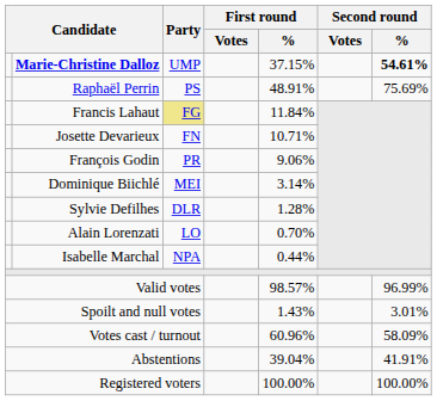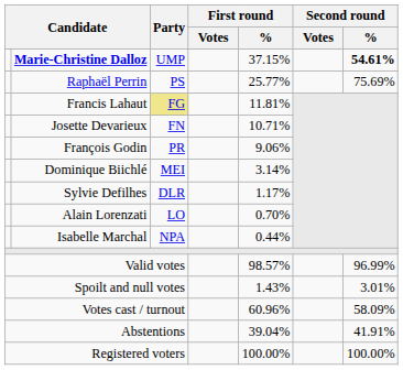 <table class="wikitable" style="text-align:right;font-size:95%;">
 <tr>
 <th rowspan=2 colspan=2>Candidate</th>
 <th rowspan=2 colspan=1>Party</th>
 <th colspan=2>First round</th>
 <th colspan=2>Second round</th>
 </tr>
 <tr>
 <th style="width:50px;">Votes</th>
 <th style="width:55px;">%</th>
 <th style="width:50px;">Votes</th>
 <th style="width:55px;">%</th>
 </tr>
 <tr>
 <td style="color:inherit;background-color:"></td>
 <td><strong><a href='#'>Marie-Christine Dalloz</a></strong></td>
 <td><a href='#'>UMP</a></td>
 <td></td>
 <td>37.15%</td>
 <td><strong></strong></td>
 <td><strong>54.61%</strong></td>
 </tr>
 <tr>
 <td style="color:inherit;background-color:"></td>
 <td><a href='#'>Raphaël Perrin</a></td>
 <td><a href='#'>PS</a></td>
 <td></td>
-<td>48.91%</td>
+<td>25.77%</td>
 <td></td>
 <td>75.69%</td>
 </tr>
 <tr>
 <td style="color:inherit;background-color:"></td>
 <td>Francis Lahaut</td>
 <td style="background: khaki;"><a href='#'>FG</a></td>
 <td></td>
-<td>11.84%</td>
+<td>11.81%</td>
 <td colspan=7 rowspan=7 style="background-color:#E9E9E9;"></td>
 </tr>
 <tr>
 <td style="color:inherit;background-color:"></td>
 <td>Josette Devarieux</td>
 <td><a href='#'>FN</a></td>
 <td></td>
 <td>10.71%</td>
 </tr>
 <tr>
 <td style="color:inherit;background-color:"></td>
 <td>François Godin</td>
 <td><a href='#'>PR</a></td>
 <td></td>
 <td>9.06%</td>
 </tr>
 <tr>
 <td style="color:inherit;background-color:"></td>
 <td>Dominique Biichlé</td>
 <td><a href='#'>MEI</a></td>
 <td></td>
 <td>3.14%</td>
 </tr>
 <tr>
 <td style="color:inherit;background-color:"></td>
 <td>Sylvie Defilhes</td>
 <td><a href='#'>DLR</a></td>
 <td></td>
-<td>1.28%</td>
+<td>1.17%</td>
 </tr>
 <tr>
 <td style="color:inherit;background-color:"></td>
 <td>Alain Lorenzati</td>
 <td><a href='#'>LO</a></td>
 <td></td>
 <td>0.70%</td>
 </tr>
 <tr>
 <td style="color:inherit;background-color:"></td>
 <td>Isabelle Marchal</td>
 <td><a href='#'>NPA</a></td>
 <td></td>
 <td>0.44%</td>
 </tr>
 <tr>
 <td colspan=7 style="background-color:#E9E9E9;"></td>
 </tr>
 <tr>
 <td colspan=3>Valid votes</td>
 <td></td>
 <td>98.57%</td>
 <td></td>
 <td>96.99%</td>
 </tr>
 <tr>
 <td colspan=3>Spoilt and null votes</td>
 <td></td>
 <td>1.43%</td>
 <td></td>
 <td>3.01%</td>
 </tr>
 <tr>
 <td colspan=3>Votes cast / turnout</td>
 <td></td>
 <td>60.96%</td>
 <td></td>
 <td>58.09%</td>
 </tr>
 <tr>
 <td colspan=3>Abstentions</td>
 <td></td>
 <td>39.04%</td>
 <td></td>
 <td>41.91%</td>
 </tr>
 <tr>
 <td colspan=3>Registered voters</td>
 <td></td>
 <td>100.00%</td>
 <td></td>
 <td>100.00%</td>
 </tr>
 </table>
